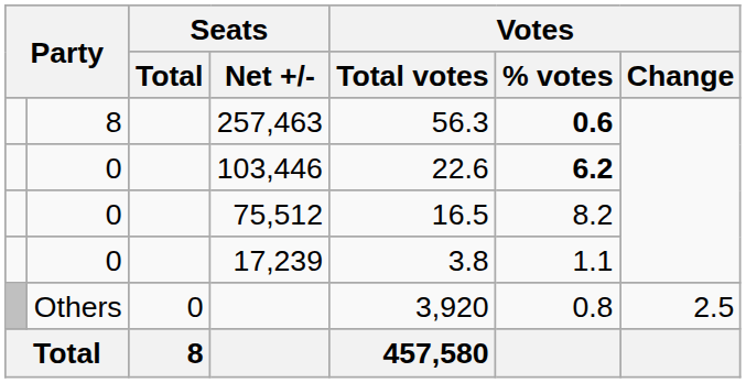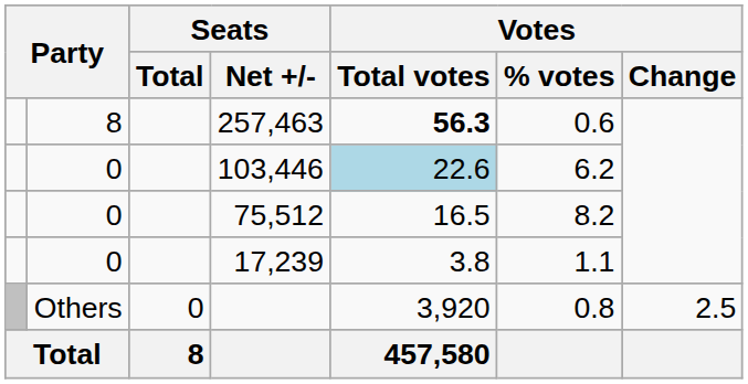 <table class="wikitable" style="text-align:right; font-size:95%;">
 <tr>
 <th colspan="2" rowspan="2">Party</th>
 <th colspan="2">Seats</th>
 <th colspan="3">Votes</th>
 </tr>
 <tr>
 <th>Total</th>
 <th>Net +/-</th>
 <th>Total votes</th>
 <th>% votes</th>
 <th>Change</th>
 </tr>
 <tr>
 <td></td>
 <td>8</td>
 <td></td>
 <td>257,463</td>
-<td>56.3</td>
-<td><strong>0.6</strong></td>
+<td><strong>56.3</strong></td>
+<td>0.6</td>
 </tr>
 <tr>
 <td></td>
 <td>0</td>
 <td></td>
 <td>103,446</td>
-<td>22.6</td>
-<td><strong>6.2</strong></td>
+<td style="background: lightblue;">22.6</td>
+<td>6.2</td>
 </tr>
 <tr>
 <td></td>
 <td>0</td>
 <td></td>
 <td>75,512</td>
 <td>16.5</td>
 <td>8.2</td>
 </tr>
 <tr>
 <td></td>
 <td>0</td>
 <td></td>
 <td>17,239</td>
 <td>3.8</td>
 <td>1.1</td>
 </tr>
 <tr>
 <td style="background:silver;"> </td>
 <td align=left>Others</td>
 <td>0</td>
 <td></td>
 <td>3,920</td>
 <td>0.8</td>
 <td>2.5</td>
 </tr>
 <tr>
 <th colspan="2" style="background:#f2f2f2">Total</th>
 <td style="background:#f2f2f2;"><strong>8</strong></td>
 <td style="background:#f2f2f2;"></td>
 <td style="background:#f2f2f2;"><strong>457,580</strong></td>
 <td style="background:#f2f2f2;"></td>
 <td style="background:#f2f2f2;"></td>
 </tr>
 </table>
